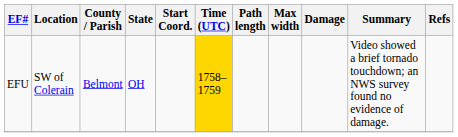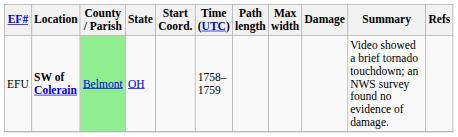 <table class="wikitable sortable" style="width:100%;">
 <tr>
 <th scope="col" width="3%" align="center"><a href='#'>EF#</a></th>
 <th scope="col" width="7%" align="center" class="unsortable">Location</th>
 <th scope="col" width="6%" align="center" class="unsortable">County / Parish</th>
 <th scope="col" width="5%" align="center">State</th>
 <th scope="col" width="6%" align="center">Start Coord.</th>
 <th scope="col" width="6%" align="center">Time (<a href='#'>UTC</a>)</th>
 <th scope="col" width="6%" align="center">Path length</th>
 <th scope="col" width="6%" align="center">Max width</th>
 <th scope="col" width="6%" align="center">Damage</th>
 <th scope="col" width="48%" class="unsortable" align="center">Summary</th>
 <th scope="col" width="48%" class="unsortable" align="center">Refs</th>
 </tr>
 <tr>
 <td>EFU</td>
-<td>SW of <a href='#'>Colerain</a></td>
-<td><a href='#'>Belmont</a></td>
+<td><strong>SW of <a href='#'>Colerain</a></strong></td>
+<td style="background: lightgreen;"><a href='#'>Belmont</a></td>
 <td><a href='#'>OH</a></td>
 <td></td>
-<td style="background: gold;">1758–1759</td>
+<td>1758–1759</td>
 <td></td>
 <td></td>
 <td></td>
 <td>Video showed a brief tornado touchdown; an NWS survey found no evidence of damage.</td>
 <td></td>
 </tr>
 <tr>
 </tr>
 </table>
